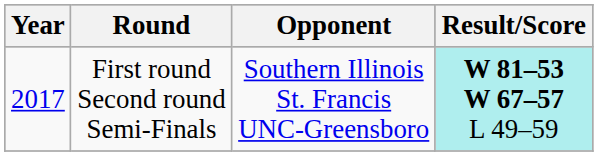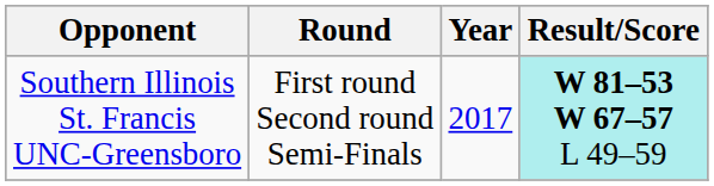 <table class="wikitable" style="text-align:center;">
 <tr>
+<th>Opponent</th>
+<th>Round</th>
 <th>Year</th>
-<th>Round</th>
-<th>Opponent</th>
 <th>Result/Score</th>
 </tr>
 <tr>
+<td><a href='#'>Southern Illinois</a><br><a href='#'>St. Francis</a><br><a href='#'>UNC-Greensboro</a></td>
+<td>First round<br>Second round<br>Semi-Finals</td>
 <td><a href='#'>2017</a></td>
-<td>First round<br>Second round<br>Semi-Finals</td>
-<td><a href='#'>Southern Illinois</a><br><a href='#'>St. Francis</a><br><a href='#'>UNC-Greensboro</a></td>
 <td style="background: paleturquoise;"><strong>W 81–53</strong><br><strong>W 67–57</strong><br> L 49–59</td>
 </tr>
 </table>
